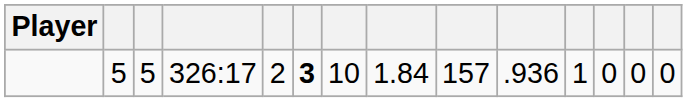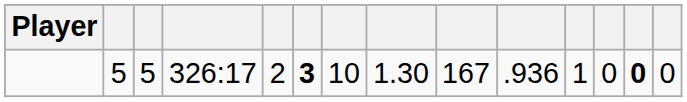 <table class="wikitable sortable" style="text-align:center;">
 <tr>
 <th>Player</th>
 <th></th>
 <th></th>
 <th></th>
 <th></th>
 <th></th>
 <th></th>
 <th></th>
 <th></th>
 <th></th>
 <th></th>
 <th></th>
 <th></th>
 <th></th>
 </tr>
 <tr>
 <td></td>
 <td>5</td>
 <td>5</td>
 <td>326:17</td>
 <td>2</td>
 <td><strong>3</strong></td>
 <td>10</td>
-<td>1.84</td>
-<td>157</td>
+<td>1.30</td>
+<td>167</td>
 <td>.936</td>
 <td>1</td>
 <td>0</td>
-<td>0</td>
+<td><strong>0</strong></td>
 <td>0</td>
 </tr>
 </table>
